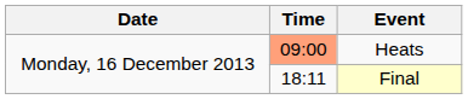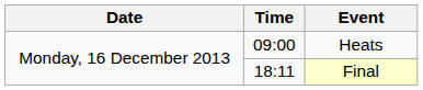 <table class = "wikitable" style="text-align:center;">
 <tr>
 <th width=220>Date</th>
 <th width=50>Time</th>
 <th width=100>Event</th>
 </tr>
 <tr>
 <td rowspan=2>Monday, 16 December 2013</td>
-<td style="background: lightsalmon;">09:00</td>
+<td>09:00</td>
 <td>Heats</td>
 </tr>
 <tr>
 <td>18:11</td>
 <td bgcolor=ffffcc>Final</td>
 </tr>
 </table>
